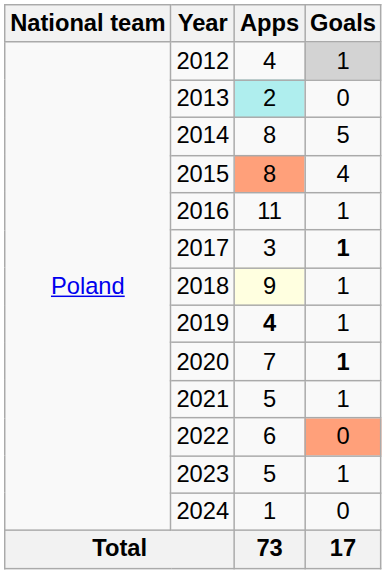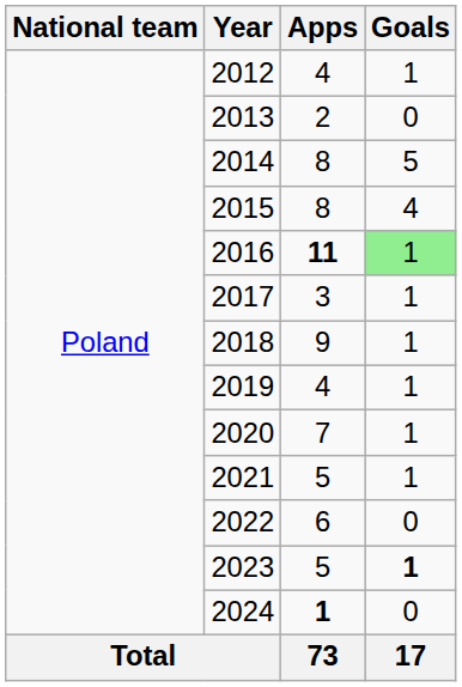 <table class="wikitable" style="text-align:center">
 <tr>
 <th>National team</th>
 <th>Year</th>
 <th>Apps</th>
 <th>Goals</th>
 </tr>
 <tr>
 <td rowspan="13"><a href='#'>Poland</a></td>
 <td>2012</td>
 <td>4</td>
-<td style="background: lightgrey;">1</td>
+<td>1</td>
 </tr>
 <tr>
 <td>2013</td>
-<td style="background: paleturquoise;">2</td>
+<td>2</td>
 <td>0</td>
 </tr>
 <tr>
 <td>2014</td>
 <td>8</td>
 <td>5</td>
 </tr>
 <tr>
 <td>2015</td>
-<td style="background: lightsalmon;">8</td>
+<td>8</td>
 <td>4</td>
 </tr>
 <tr>
 <td>2016</td>
-<td>11</td>
-<td>1</td>
+<td><strong>11</strong></td>
+<td style="background: lightgreen;">1</td>
 </tr>
 <tr>
 <td>2017</td>
 <td>3</td>
-<td><strong>1</strong></td>
+<td>1</td>
 </tr>
 <tr>
 <td>2018</td>
-<td style="background: lightyellow;">9</td>
+<td>9</td>
 <td>1</td>
 </tr>
 <tr>
 <td>2019</td>
-<td><strong>4</strong></td>
+<td>4</td>
 <td>1</td>
 </tr>
 <tr>
 <td>2020</td>
 <td>7</td>
-<td><strong>1</strong></td>
+<td>1</td>
 </tr>
 <tr>
 <td>2021</td>
 <td>5</td>
 <td>1</td>
 </tr>
 <tr>
 <td>2022</td>
 <td>6</td>
-<td style="background: lightsalmon;">0</td>
+<td>0</td>
 </tr>
 <tr>
 <td>2023</td>
 <td>5</td>
-<td>1</td>
+<td><strong>1</strong></td>
 </tr>
 <tr>
 <td>2024</td>
-<td>1</td>
+<td><strong>1</strong></td>
 <td>0</td>
 </tr>
 <tr>
 <th colspan="2">Total</th>
 <th>73</th>
 <th>17</th>
 </tr>
 </table>
